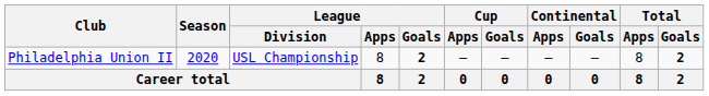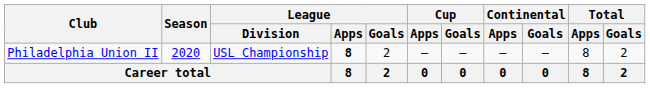 <table class=wikitable style=text-align:center>
 <tr>
 <th rowspan=2>Club</th>
 <th rowspan=2>Season</th>
 <th colspan=3>League</th>
 <th colspan=2>Cup</th>
 <th colspan=2>Continental</th>
 <th colspan=2>Total</th>
 </tr>
 <tr>
 <th>Division</th>
 <th>Apps</th>
 <th>Goals</th>
 <th>Apps</th>
 <th>Goals</th>
 <th>Apps</th>
 <th>Goals</th>
 <th>Apps</th>
 <th>Goals</th>
 </tr>
 <tr>
 <td rowspan=1><a href='#'>Philadelphia Union II</a></td>
 <td><a href='#'>2020</a></td>
 <td><a href='#'>USL Championship</a></td>
-<td>8</td>
-<td><strong>2</strong></td>
+<td><strong>8</strong></td>
+<td>2</td>
 <td>—</td>
 <td>—</td>
 <td>—</td>
 <td>—</td>
 <td>8</td>
-<td><strong>2</strong></td>
+<td>2</td>
 </tr>
 <tr>
 <th colspan=3>Career total</th>
 <th>8</th>
 <th>2</th>
 <th>0</th>
 <th>0</th>
 <th>0</th>
 <th>0</th>
 <th>8</th>
 <th>2</th>
 </tr>
 </table>
